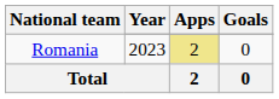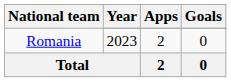 <table class="wikitable" style="text-align: center;">
 <tr>
 <th>National team</th>
 <th>Year</th>
 <th>Apps</th>
 <th>Goals</th>
 </tr>
 <tr>
 <td rowspan="2"><a href='#'>Romania</a></td>
 </tr>
 <tr>
 <td>2023</td>
-<td style="background: khaki;">2</td>
+<td>2</td>
 <td>0</td>
 </tr>
 <tr>
 <th colspan=2>Total</th>
 <th>2</th>
 <th>0</th>
 </tr>
 </table>
